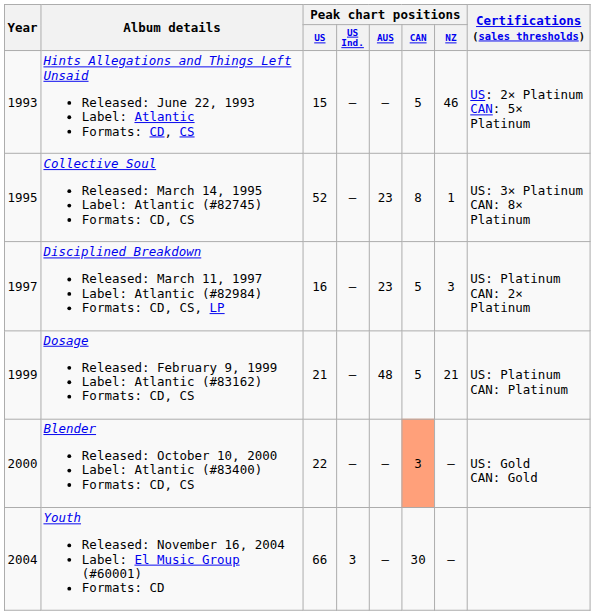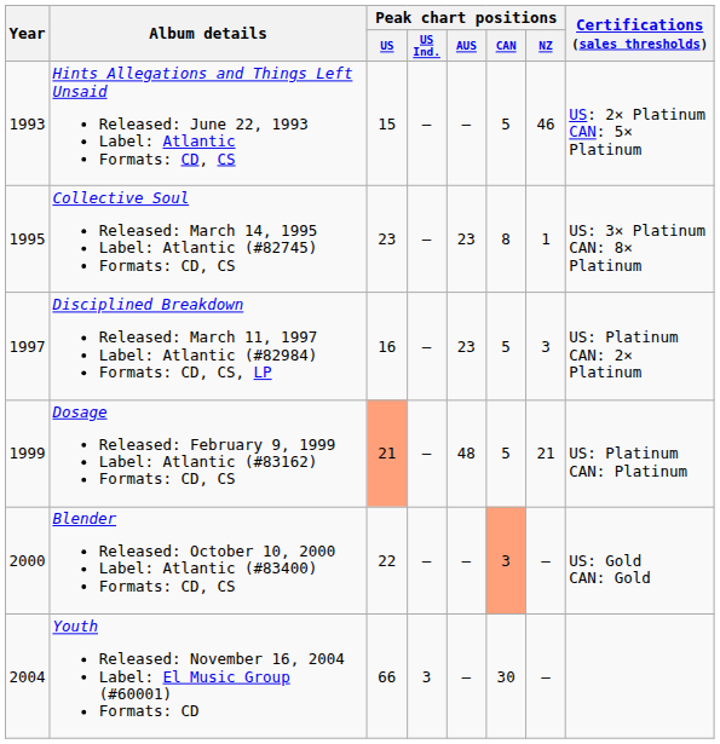 <table class="wikitable">
 <tr>
 <th rowspan="2">Year</th>
 <th rowspan="2">Album details</th>
 <th colspan="5">Peak chart positions</th>
 <th rowspan="2"><a href='#'>Certifications</a><br><small>(<a href='#'>sales thresholds</a>)</small></th>
 </tr>
 <tr>
 <th style="width:3em;font-size:75%"><a href='#'>US</a><br></th>
 <th style="width:3em;font-size:75%"><a href='#'>US<br>Ind.</a><br></th>
 <th style="width:3em;font-size:75%"><a href='#'>AUS</a><br></th>
 <th style="width:3em;font-size:75%"><a href='#'>CAN</a><br></th>
 <th style="width:3em;font-size:75%"><a href='#'>NZ</a><br></th>
 </tr>
 <tr>
 <td>1993</td>
 <td align="left"><em><a href='#'>Hints Allegations and Things Left Unsaid</a></em><br><ul><li>Released: June 22, 1993</li><li>Label: <a href='#'>Atlantic</a></li><li>Formats: <a href='#'>CD</a>, <a href='#'>CS</a></li></ul></td>
 <td align="center">15</td>
 <td align="center">—</td>
 <td align="center">—</td>
 <td align="center">5</td>
 <td align="center">46</td>
 <td><br><a href='#'>US</a>: 2× Platinum <br><a href='#'>CAN</a>: 5× Platinum</td>
 </tr>
 <tr>
 <td>1995</td>
 <td align="left"><em><a href='#'>Collective Soul</a></em><br><ul><li>Released: March 14, 1995</li><li>Label: Atlantic (#82745)</li><li>Formats: CD, CS</li></ul></td>
-<td align="center">52</td>
+<td align="center">23</td>
 <td align="center">—</td>
 <td align="center">23</td>
 <td align="center">8</td>
 <td align="center">1</td>
 <td><br>US: 3× Platinum <br>CAN: 8× Platinum</td>
 </tr>
 <tr>
 <td>1997</td>
 <td align="left"><em><a href='#'>Disciplined Breakdown</a></em><br><ul><li>Released: March 11, 1997</li><li>Label: Atlantic (#82984)</li><li>Formats: CD, CS, <a href='#'>LP</a></li></ul></td>
 <td align="center">16</td>
 <td align="center">—</td>
 <td align="center">23</td>
 <td align="center">5</td>
 <td align="center">3</td>
 <td><br>US: Platinum <br>CAN: 2× Platinum</td>
 </tr>
 <tr>
 <td>1999</td>
 <td align="left"><em><a href='#'>Dosage</a></em><br><ul><li>Released: February 9, 1999</li><li>Label: Atlantic (#83162)</li><li>Formats: CD, CS</li></ul></td>
-<td align="center">21</td>
+<td align="center" style="background: lightsalmon;">21</td>
 <td align="center">—</td>
 <td align="center">48</td>
 <td align="center">5</td>
 <td align="center">21</td>
 <td><br>US: Platinum <br>CAN: Platinum</td>
 </tr>
 <tr>
 <td>2000</td>
 <td align="left"><em><a href='#'>Blender</a></em><br><ul><li>Released: October 10, 2000</li><li>Label: Atlantic (#83400)</li><li>Formats: CD, CS</li></ul></td>
 <td align="center">22</td>
 <td align="center">—</td>
 <td align="center">—</td>
 <td align="center" style="background: lightsalmon;">3</td>
 <td align="center">—</td>
 <td><br>US: Gold <br>CAN: Gold</td>
 </tr>
 <tr>
 <td>2004</td>
 <td align="left"><em><a href='#'>Youth</a></em><br><ul><li>Released: November 16, 2004</li><li>Label: <a href='#'>El Music Group</a> (#60001)</li><li>Formats: CD</li></ul></td>
 <td align="center">66</td>
 <td align="center">3</td>
 <td align="center">—</td>
 <td align="center">30</td>
 <td align="center">—</td>
 <td></td>
 </tr>
 </table>
